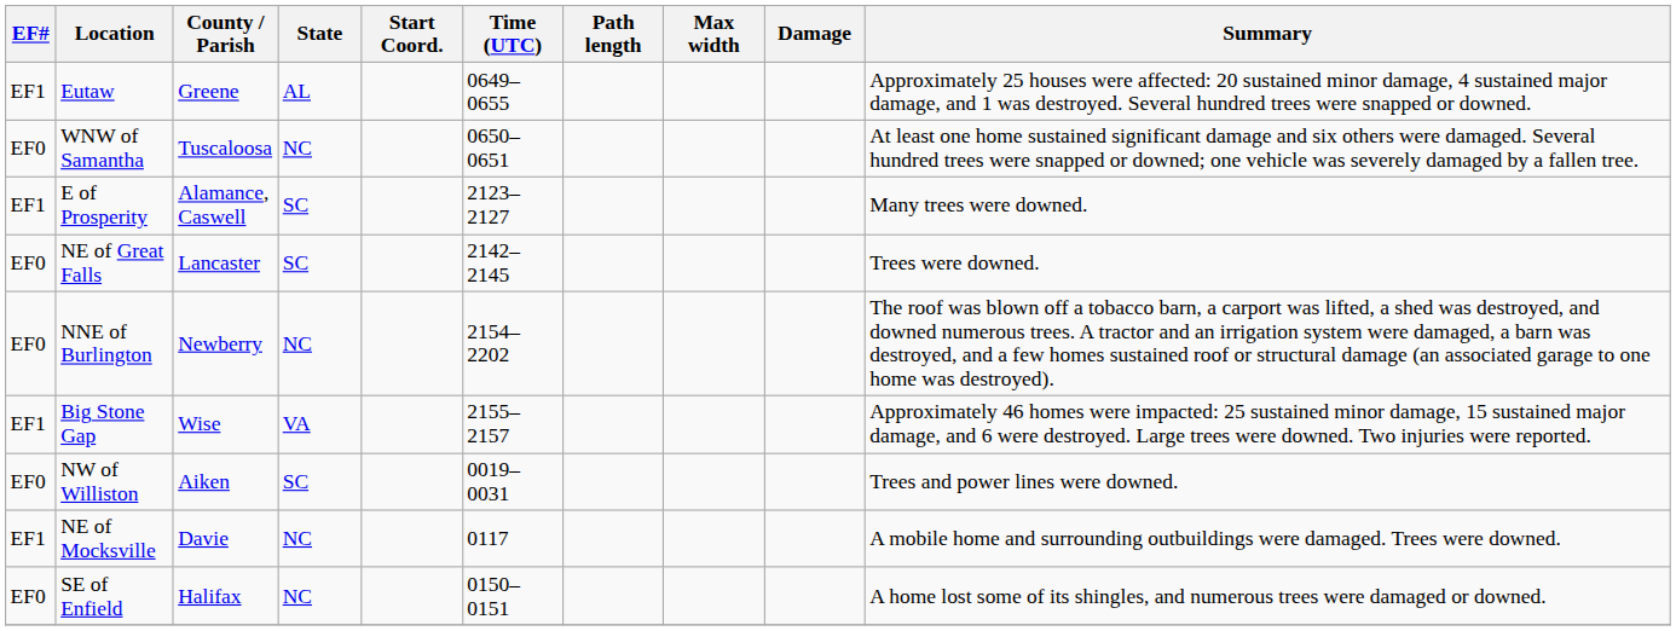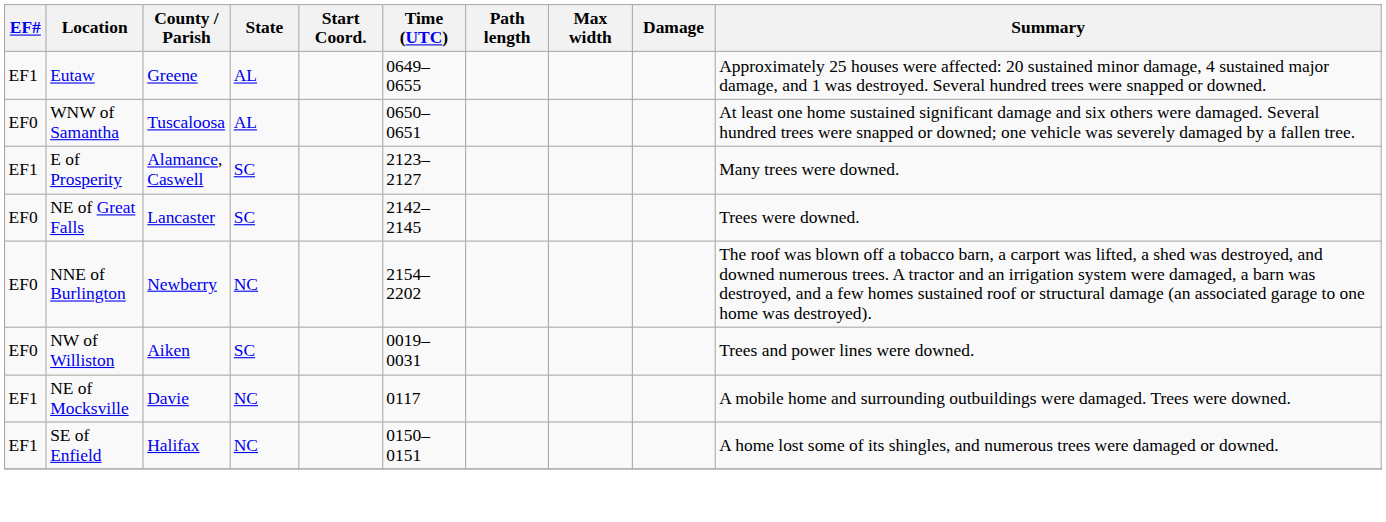 <table class="wikitable sortable" style="width:100%;">
 <tr>
 <th scope="col" width="3%" align="center"><a href='#'>EF#</a></th>
 <th scope="col" width="7%" align="center" class="unsortable">Location</th>
 <th scope="col" width="6%" align="center" class="unsortable">County / Parish</th>
 <th scope="col" width="5%" align="center">State</th>
 <th scope="col" width="6%" align="center">Start Coord.</th>
 <th scope="col" width="6%" align="center">Time (<a href='#'>UTC</a>)</th>
 <th scope="col" width="6%" align="center">Path length</th>
 <th scope="col" width="6%" align="center">Max width</th>
 <th scope="col" width="6%" align="center">Damage</th>
 <th scope="col" width="48%" class="unsortable" align="center">Summary</th>
 </tr>
 <tr>
 <td>EF1</td>
 <td><a href='#'>Eutaw</a></td>
 <td><a href='#'>Greene</a></td>
 <td><a href='#'>AL</a></td>
 <td></td>
 <td>0649–0655</td>
 <td></td>
 <td></td>
 <td></td>
 <td>Approximately 25 houses were affected: 20 sustained minor damage, 4 sustained major damage, and 1 was destroyed. Several hundred trees were snapped or downed.</td>
 </tr>
 <tr>
 <td>EF0</td>
 <td>WNW of <a href='#'>Samantha</a></td>
 <td><a href='#'>Tuscaloosa</a></td>
-<td><a href='#'>NC</a></td>
+<td><a href='#'>AL</a></td>
 <td></td>
 <td>0650–0651</td>
 <td></td>
 <td></td>
 <td></td>
 <td>At least one home sustained significant damage and six others were damaged. Several hundred trees were snapped or downed; one vehicle was severely damaged by a fallen tree.</td>
 </tr>
 <tr>
 <td>EF1</td>
 <td>E of <a href='#'>Prosperity</a></td>
 <td><a href='#'>Alamance</a>, <a href='#'>Caswell</a></td>
 <td><a href='#'>SC</a></td>
 <td></td>
 <td>2123–2127</td>
 <td></td>
 <td></td>
 <td></td>
 <td>Many trees were downed.</td>
 </tr>
 <tr>
 <td>EF0</td>
 <td>NE of <a href='#'>Great Falls</a></td>
 <td><a href='#'>Lancaster</a></td>
 <td><a href='#'>SC</a></td>
 <td></td>
 <td>2142–2145</td>
 <td></td>
 <td></td>
 <td></td>
 <td>Trees were downed.</td>
 </tr>
 <tr>
 <td>EF0</td>
 <td>NNE of <a href='#'>Burlington</a></td>
 <td><a href='#'>Newberry</a></td>
 <td><a href='#'>NC</a></td>
 <td></td>
 <td>2154–2202</td>
 <td></td>
 <td></td>
 <td></td>
 <td>The roof was blown off a tobacco barn, a carport was lifted, a shed was destroyed, and downed numerous trees. A tractor and an irrigation system were damaged, a barn was destroyed, and a few homes sustained roof or structural damage (an associated garage to one home was destroyed).</td>
 </tr>
 <tr>
-<td>EF1</td>
-<td><a href='#'>Big Stone Gap</a></td>
-<td><a href='#'>Wise</a></td>
-<td><a href='#'>VA</a></td>
-<td></td>
-<td>2155–2157</td>
-<td></td>
-<td></td>
-<td></td>
-<td>Approximately 46 homes were impacted: 25 sustained minor damage, 15 sustained major damage, and 6 were destroyed. Large trees were downed. Two injuries were reported.</td>
-</tr>
-<tr>
 <td>EF0</td>
 <td>NW of <a href='#'>Williston</a></td>
 <td><a href='#'>Aiken</a></td>
 <td><a href='#'>SC</a></td>
 <td></td>
 <td>0019–0031</td>
 <td></td>
 <td></td>
 <td></td>
 <td>Trees and power lines were downed.</td>
 </tr>
 <tr>
 <td>EF1</td>
 <td>NE of <a href='#'>Mocksville</a></td>
 <td><a href='#'>Davie</a></td>
 <td><a href='#'>NC</a></td>
 <td></td>
 <td>0117</td>
 <td></td>
 <td></td>
 <td></td>
 <td>A mobile home and surrounding outbuildings were damaged. Trees were downed.</td>
 </tr>
 <tr>
-<td>EF0</td>
+<td>EF1</td>
 <td>SE of <a href='#'>Enfield</a></td>
 <td><a href='#'>Halifax</a></td>
 <td><a href='#'>NC</a></td>
 <td></td>
 <td>0150–0151</td>
 <td></td>
 <td></td>
 <td></td>
 <td>A home lost some of its shingles, and numerous trees were damaged or downed.</td>
 </tr>
 <tr>
 </tr>
 </table>
